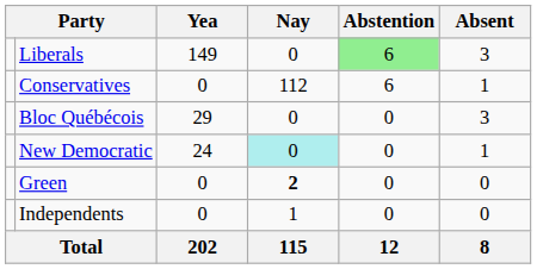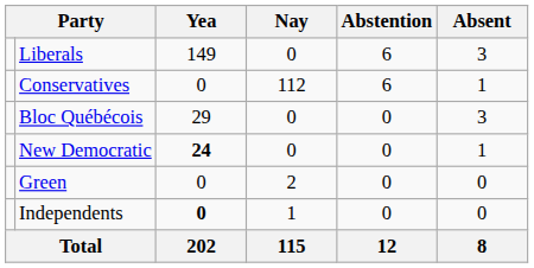 <table class="wikitable" align="center" style="text-align:center; font-size:90%">
 <tr>
 <th colspan="2">Party</th>
 <th width=60px>Yea</th>
 <th width=60px>Nay</th>
 <th width=60px>Abstention</th>
 <th width=60px>Absent</th>
 </tr>
 <tr>
 <td style="background:"></td>
 <td align="left"><a href='#'>Liberals</a></td>
 <td>149</td>
 <td>0</td>
-<td style="background: lightgreen;">6</td>
+<td>6</td>
 <td>3</td>
 </tr>
 <tr>
 <td style="background:"></td>
 <td align="left"><a href='#'>Conservatives</a></td>
 <td>0</td>
 <td>112</td>
 <td>6</td>
 <td>1</td>
 </tr>
 <tr>
 <td style="background:"></td>
 <td align="left"><a href='#'>Bloc Québécois</a></td>
 <td>29</td>
 <td>0</td>
 <td>0</td>
 <td>3</td>
 </tr>
 <tr>
 <td style="background:"></td>
 <td align="left"><a href='#'>New Democratic</a></td>
-<td>24</td>
-<td style="background: paleturquoise;">0</td>
+<td><strong>24</strong></td>
+<td>0</td>
 <td>0</td>
 <td>1</td>
 </tr>
 <tr>
 <td style="background:"></td>
 <td align="left"><a href='#'>Green</a></td>
 <td>0</td>
-<td><strong>2</strong></td>
+<td>2</td>
 <td>0</td>
 <td>0</td>
 </tr>
 <tr>
 <td style="background:"></td>
 <td align="left">Independents</td>
-<td>0</td>
+<td><strong>0</strong></td>
 <td>1</td>
 <td>0</td>
 <td>0</td>
 </tr>
 <tr>
 <th colspan=2>Total</th>
 <th>202</th>
 <th>115</th>
 <th>12</th>
 <th>8</th>
 </tr>
 </table>
